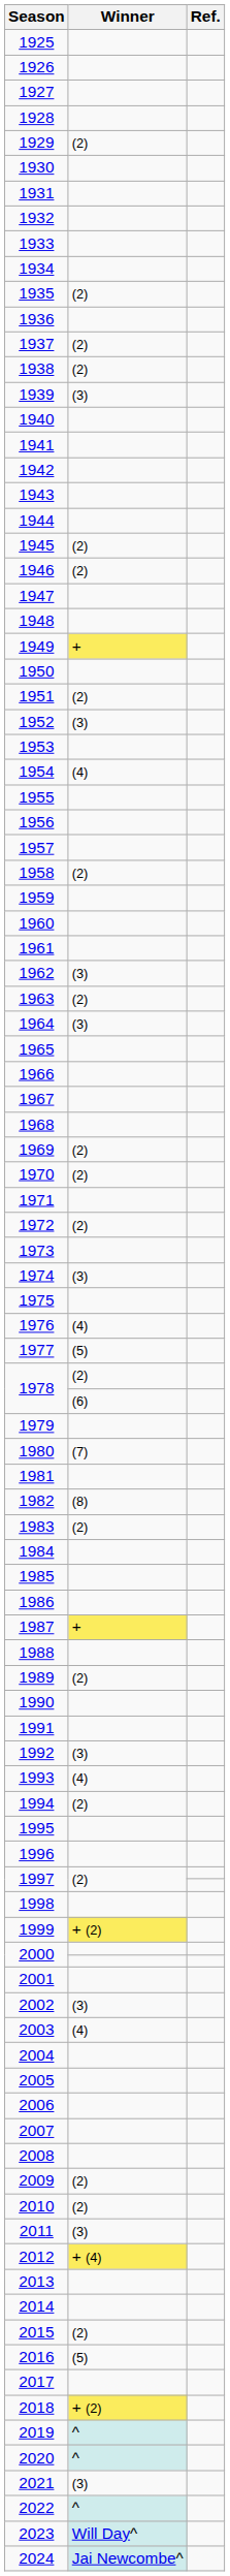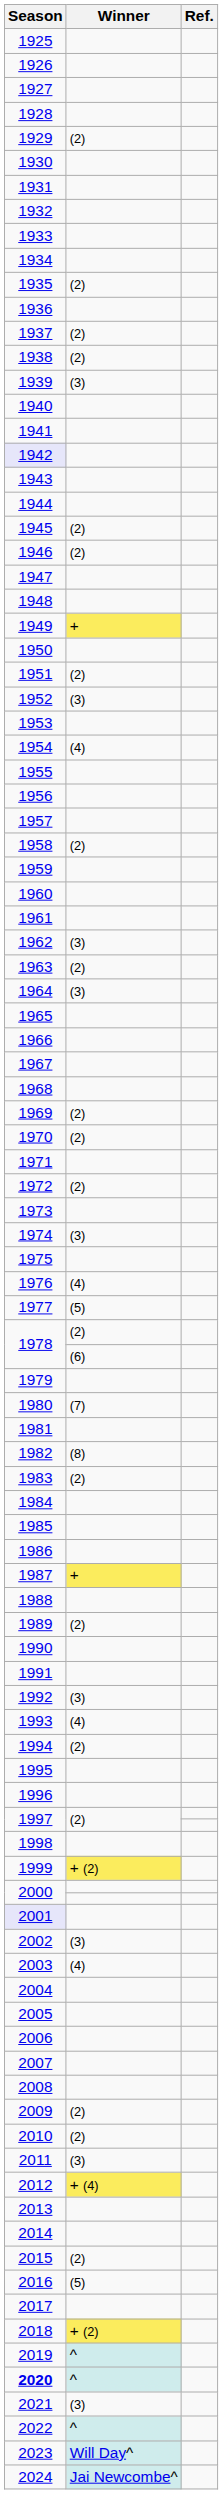 <table class="wikitable sortable" style="text-align:center">
 <tr>
 <th>Season</th>
 <th>Winner</th>
 <th class="unsortable">Ref.</th>
 </tr>
 <tr>
 <td><a href='#'>1925</a></td>
 <td align=left></td>
 <td></td>
 </tr>
 <tr>
 <td><a href='#'>1926</a></td>
 <td></td>
 <td></td>
 </tr>
 <tr>
 <td><a href='#'>1927</a></td>
 <td align=left></td>
 <td></td>
 </tr>
 <tr>
 <td><a href='#'>1928</a></td>
 <td align=left></td>
 <td></td>
 </tr>
 <tr>
 <td><a href='#'>1929</a></td>
 <td align=left> <small>(2)</small></td>
 <td></td>
 </tr>
 <tr>
 <td><a href='#'>1930</a></td>
 <td align=left></td>
 <td></td>
 </tr>
 <tr>
 <td><a href='#'>1931</a></td>
 <td></td>
 <td></td>
 </tr>
 <tr>
 <td><a href='#'>1932</a></td>
 <td align=left></td>
 <td></td>
 </tr>
 <tr>
 <td><a href='#'>1933</a></td>
 <td align=left></td>
 <td></td>
 </tr>
 <tr>
 <td><a href='#'>1934</a></td>
 <td align=left></td>
 <td></td>
 </tr>
 <tr>
 <td><a href='#'>1935</a></td>
 <td align=left> <small>(2)</small></td>
 <td></td>
 </tr>
 <tr>
 <td><a href='#'>1936</a></td>
 <td align=left></td>
 <td></td>
 </tr>
 <tr>
 <td><a href='#'>1937</a></td>
 <td align=left> <small>(2)</small></td>
 </tr>
 <tr>
 <td><a href='#'>1938</a></td>
 <td align=left> <small>(2)</small></td>
 <td></td>
 </tr>
 <tr>
 <td><a href='#'>1939</a></td>
 <td align=left> <small>(3)</small></td>
 <td></td>
 </tr>
 <tr>
 <td><a href='#'>1940</a></td>
 <td align=left></td>
 <td></td>
 </tr>
 <tr>
 <td><a href='#'>1941</a></td>
 <td align=left></td>
 <td></td>
 </tr>
 <tr>
-<td><a href='#'>1942</a></td>
+<td style="background: lavender;"><a href='#'>1942</a></td>
 <td align=left></td>
 <td></td>
 </tr>
 <tr>
 <td><a href='#'>1943</a></td>
 <td align=left></td>
 <td></td>
 </tr>
 <tr>
 <td><a href='#'>1944</a></td>
 <td align=left></td>
 <td></td>
 </tr>
 <tr>
 <td><a href='#'>1945</a></td>
 <td align=left> <small>(2)</small></td>
 <td></td>
 </tr>
 <tr>
 <td><a href='#'>1946</a></td>
 <td align=left> <small>(2)</small></td>
 <td></td>
 </tr>
 <tr>
 <td><a href='#'>1947</a></td>
 <td align=left></td>
 <td></td>
 </tr>
 <tr>
 <td><a href='#'>1948</a></td>
 <td align=left></td>
 <td></td>
 </tr>
 <tr>
 <td><a href='#'>1949</a></td>
 <td style="text-align:left; background:#fbec5d;">+</td>
 <td></td>
 </tr>
 <tr>
 <td><a href='#'>1950</a></td>
 <td align=left></td>
 <td></td>
 </tr>
 <tr>
 <td><a href='#'>1951</a></td>
 <td align=left> <small>(2)</small></td>
 <td></td>
 </tr>
 <tr>
 <td><a href='#'>1952</a></td>
 <td align=left> <small>(3)</small></td>
 <td></td>
 </tr>
 <tr>
 <td><a href='#'>1953</a></td>
 <td align=left></td>
 <td></td>
 </tr>
 <tr>
 <td><a href='#'>1954</a></td>
 <td align=left> <small>(4)</small></td>
 <td></td>
 </tr>
 <tr>
 <td><a href='#'>1955</a></td>
 <td align=left></td>
 <td></td>
 </tr>
 <tr>
 <td><a href='#'>1956</a></td>
 <td align=left></td>
 <td></td>
 </tr>
 <tr>
 <td><a href='#'>1957</a></td>
 <td align="left"></td>
 <td></td>
 </tr>
 <tr>
 <td><a href='#'>1958</a></td>
 <td align="left"> <small>(2)</small></td>
 <td></td>
 </tr>
 <tr>
 <td><a href='#'>1959</a></td>
 <td align="left"></td>
 <td></td>
 </tr>
 <tr>
 <td><a href='#'>1960</a></td>
 <td align="left"></td>
 <td></td>
 </tr>
 <tr>
 <td><a href='#'>1961</a></td>
 <td align="left"></td>
 <td></td>
 </tr>
 <tr>
 <td><a href='#'>1962</a></td>
 <td align="left"> <small>(3)</small></td>
 <td></td>
 </tr>
 <tr>
 <td><a href='#'>1963</a></td>
 <td align="left"> <small>(2)</small></td>
 <td></td>
 </tr>
 <tr>
 <td><a href='#'>1964</a></td>
 <td align="left"> <small>(3)</small></td>
 <td></td>
 </tr>
 <tr>
 <td><a href='#'>1965</a></td>
 <td align="left"></td>
 <td></td>
 </tr>
 <tr>
 <td><a href='#'>1966</a></td>
 <td align="left"></td>
 <td></td>
 </tr>
 <tr>
 <td><a href='#'>1967</a></td>
 <td align="left"></td>
 <td></td>
 </tr>
 <tr>
 <td><a href='#'>1968</a></td>
 <td align="left"></td>
 <td></td>
 </tr>
 <tr>
 <td><a href='#'>1969</a></td>
 <td align="left"> <small>(2)</small></td>
 <td></td>
 </tr>
 <tr>
 <td><a href='#'>1970</a></td>
 <td align="left"> <small>(2)</small></td>
 <td></td>
 </tr>
 <tr>
 <td><a href='#'>1971</a></td>
 <td align="left"></td>
 <td></td>
 </tr>
 <tr>
 <td><a href='#'>1972</a></td>
 <td align="left"> <small>(2)</small></td>
 <td></td>
 </tr>
 <tr>
 <td><a href='#'>1973</a></td>
 <td align="left"></td>
 <td></td>
 </tr>
 <tr>
 <td><a href='#'>1974</a></td>
 <td align="left"> <small>(3)</small></td>
 <td></td>
 </tr>
 <tr>
 <td><a href='#'>1975</a></td>
 <td align="left"></td>
 <td></td>
 </tr>
 <tr>
 <td><a href='#'>1976</a></td>
 <td align="left"> <small>(4)</small></td>
 <td></td>
 </tr>
 <tr>
 <td><a href='#'>1977</a></td>
 <td align="left"> <small>(5)</small></td>
 <td></td>
 </tr>
 <tr>
 <td rowspan="2"><a href='#'>1978</a></td>
 <td align="left"> <small>(2)</small></td>
 <td></td>
 </tr>
 <tr>
 <td align="left"> <small>(6)</small></td>
 <td></td>
 </tr>
 <tr>
 <td><a href='#'>1979</a></td>
 <td align="left"></td>
 <td></td>
 </tr>
 <tr>
 <td><a href='#'>1980</a></td>
 <td align="left"> <small>(7)</small></td>
 <td></td>
 </tr>
 <tr>
 <td><a href='#'>1981</a></td>
 <td align="left"></td>
 <td></td>
 </tr>
 <tr>
 <td><a href='#'>1982</a></td>
 <td align="left"> <small>(8)</small></td>
 <td></td>
 </tr>
 <tr>
 <td><a href='#'>1983</a></td>
 <td align="left"> <small>(2)</small></td>
 <td></td>
 </tr>
 <tr>
 <td><a href='#'>1984</a></td>
 <td align="left"></td>
 <td></td>
 </tr>
 <tr>
 <td><a href='#'>1985</a></td>
 <td align="left"></td>
 <td></td>
 </tr>
 <tr>
 <td><a href='#'>1986</a></td>
 <td align="left"></td>
 <td></td>
 </tr>
 <tr>
 <td><a href='#'>1987</a></td>
 <td style="text-align:left; background:#fbec5d;">+</td>
 <td></td>
 </tr>
 <tr>
 <td><a href='#'>1988</a></td>
 <td align="left"></td>
 <td></td>
 </tr>
 <tr>
 <td><a href='#'>1989</a></td>
 <td align="left"> <small>(2)</small></td>
 <td></td>
 </tr>
 <tr>
 <td><a href='#'>1990</a></td>
 <td align="left"></td>
 <td></td>
 </tr>
 <tr>
 <td><a href='#'>1991</a></td>
 <td align="left"></td>
 <td></td>
 </tr>
 <tr>
 <td><a href='#'>1992</a></td>
 <td align="left"> <small>(3)</small></td>
 <td></td>
 </tr>
 <tr>
 <td><a href='#'>1993</a></td>
 <td align="left"> <small>(4)</small></td>
 <td></td>
 </tr>
 <tr>
 <td><a href='#'>1994</a></td>
 <td align="left"> <small>(2)</small></td>
 <td></td>
 </tr>
 <tr>
 <td><a href='#'>1995</a></td>
 <td align="left"></td>
 <td></td>
 </tr>
 <tr>
 <td><a href='#'>1996</a></td>
 <td align="left"></td>
 <td></td>
 </tr>
 <tr>
 <td rowspan="2"><a href='#'>1997</a></td>
 <td rowspan="2" align="left"> <small>(2)</small></td>
 <td></td>
 </tr>
 <tr>
 <td></td>
 </tr>
 <tr>
 <td><a href='#'>1998</a></td>
 <td align="left"></td>
 <td></td>
 </tr>
 <tr>
 <td><a href='#'>1999</a></td>
 <td style="text-align:left; background:#fbec5d;">+ <small>(2)</small></td>
 <td></td>
 </tr>
 <tr>
 <td rowspan="2"><a href='#'>2000</a></td>
 <td align="left"></td>
 <td></td>
 </tr>
 <tr>
 <td align="left"></td>
 <td></td>
 </tr>
 <tr>
-<td><a href='#'>2001</a></td>
+<td style="background: lavender;"><a href='#'>2001</a></td>
 <td align="left"></td>
 <td></td>
 </tr>
 <tr>
 <td><a href='#'>2002</a></td>
 <td align="left"> <small>(3)</small></td>
 <td></td>
 </tr>
 <tr>
 <td><a href='#'>2003</a></td>
 <td align="left"> <small>(4)</small></td>
 <td></td>
 </tr>
 <tr>
 <td><a href='#'>2004</a></td>
 <td align="left"></td>
 <td></td>
 </tr>
 <tr>
 <td><a href='#'>2005</a></td>
 <td align="left"></td>
 <td></td>
 </tr>
 <tr>
 <td><a href='#'>2006</a></td>
 <td align="left"></td>
 <td></td>
 </tr>
 <tr>
 <td><a href='#'>2007</a></td>
 <td align="left"></td>
 <td></td>
 </tr>
 <tr>
 <td><a href='#'>2008</a></td>
 <td align="left"></td>
 <td></td>
 </tr>
 <tr>
 <td><a href='#'>2009</a></td>
 <td align="left"> <small>(2)</small></td>
 <td></td>
 </tr>
 <tr>
 <td><a href='#'>2010</a></td>
 <td align="left"> <small>(2)</small></td>
 <td></td>
 </tr>
 <tr>
 <td><a href='#'>2011</a></td>
 <td align="left"> <small>(3)</small></td>
 <td></td>
 </tr>
 <tr>
 <td><a href='#'>2012</a></td>
 <td style="text-align:left; background:#fbec5d;">+ <small>(4)</small></td>
 <td></td>
 </tr>
 <tr>
 <td><a href='#'>2013</a></td>
 <td align="left"></td>
 <td></td>
 </tr>
 <tr>
 <td><a href='#'>2014</a></td>
 <td align="left"></td>
 <td></td>
 </tr>
 <tr>
 <td><a href='#'>2015</a></td>
 <td align="left"> <small>(2)</small></td>
 <td></td>
 </tr>
 <tr>
 <td><a href='#'>2016</a></td>
 <td align="left"> <small>(5)</small></td>
 <td></td>
 </tr>
 <tr>
 <td><a href='#'>2017</a></td>
 <td align="left"></td>
 <td></td>
 </tr>
 <tr>
 <td><a href='#'>2018</a></td>
 <td style="text-align:left; background:#fbec5d;">+ <small>(2)</small></td>
 <td></td>
 </tr>
 <tr>
 <td><a href='#'>2019</a></td>
 <td style="background:#cfecec;" align="left">^</td>
 <td></td>
 </tr>
 <tr>
-<td><a href='#'>2020</a></td>
+<td><strong><a href='#'>2020</a></strong></td>
 <td style="background:#cfecec;" align="left">^</td>
 <td></td>
 </tr>
 <tr>
 <td><a href='#'>2021</a></td>
 <td align="left"> <small>(3)</small></td>
 <td></td>
 </tr>
 <tr>
 <td><a href='#'>2022</a></td>
 <td style="background:#cfecec;" align="left">^</td>
 <td></td>
 </tr>
 <tr>
 <td><a href='#'>2023</a></td>
 <td style="background:#cfecec;" align="left"><a href='#'>Will Day</a>^</td>
 <td></td>
 </tr>
 <tr>
 <td><a href='#'>2024</a></td>
 <td style="background:#cfecec;" align="left"><a href='#'>Jai Newcombe</a>^</td>
 <td></td>
 </tr>
 </table>
